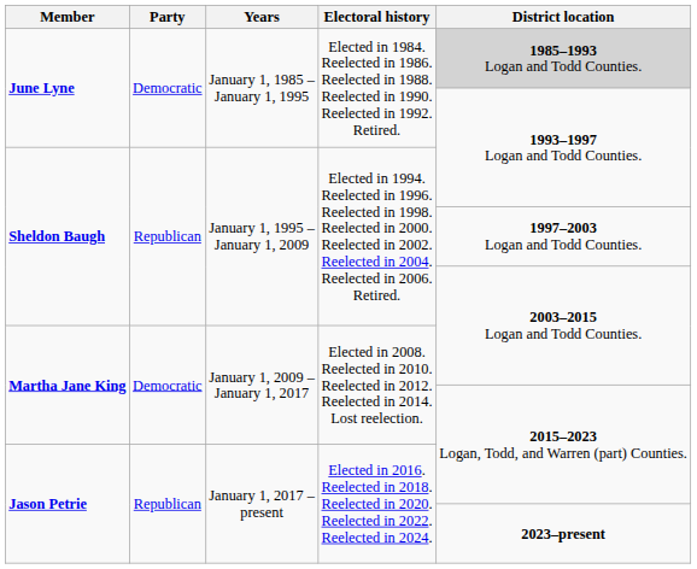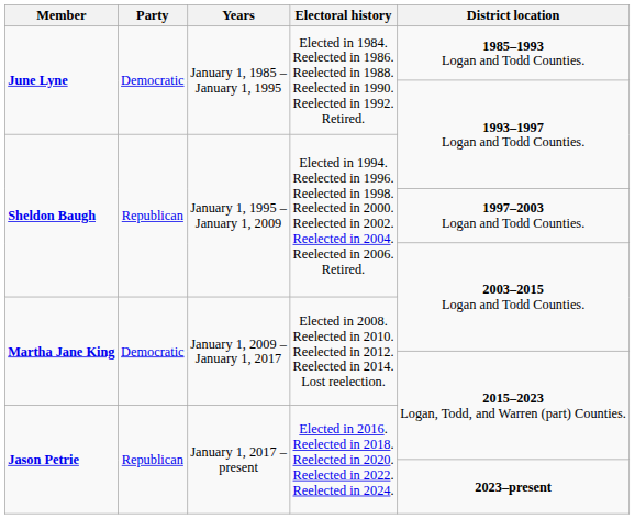 <table class=wikitable style="text-align:center">
 <tr>
 <th>Member</th>
 <th>Party</th>
 <th>Years</th>
 <th>Electoral history</th>
 <th>District location</th>
 </tr>
 <tr style="height:4em">
 <td rowspan=2 align=left><strong><a href='#'>June Lyne</a></strong><br></td>
 <td rowspan=2 ><a href='#'>Democratic</a></td>
 <td rowspan=2 nowrap>January 1, 1985 –<br>January 1, 1995</td>
 <td rowspan=2>Elected in 1984.<br>Reelected in 1986.<br>Reelected in 1988.<br>Reelected in 1990.<br>Reelected in 1992.<br>Retired.</td>
-<td style="background: lightgrey;"><strong>1985–1993</strong><br>Logan and Todd Counties.</td>
+<td><strong>1985–1993</strong><br>Logan and Todd Counties.</td>
 </tr>
 <tr style="height:4em">
 <td rowspan=2><strong>1993–1997</strong><br>Logan and Todd Counties.</td>
 </tr>
 <tr style="height:4em">
 <td rowspan=3 align=left><strong><a href='#'>Sheldon Baugh</a></strong><br></td>
 <td rowspan=3 ><a href='#'>Republican</a></td>
 <td rowspan=3 nowrap>January 1, 1995 –<br>January 1, 2009</td>
 <td rowspan=3>Elected in 1994.<br>Reelected in 1996.<br>Reelected in 1998.<br>Reelected in 2000.<br>Reelected in 2002.<br><a href='#'>Reelected in 2004</a>.<br>Reelected in 2006.<br>Retired.</td>
 </tr>
 <tr style="height:4em">
 <td><strong>1997–2003</strong><br>Logan and Todd Counties.</td>
 </tr>
 <tr style="height:4em">
 <td rowspan=2><strong>2003–2015</strong><br>Logan and Todd Counties.</td>
 </tr>
 <tr style="height:4em">
 <td rowspan=2 align=left><strong><a href='#'>Martha Jane King</a></strong><br></td>
 <td rowspan=2 ><a href='#'>Democratic</a></td>
 <td rowspan=2 nowrap>January 1, 2009 –<br>January 1, 2017</td>
 <td rowspan=2>Elected in 2008.<br>Reelected in 2010.<br>Reelected in 2012.<br>Reelected in 2014.<br>Lost reelection.</td>
 </tr>
 <tr style="height:4em">
 <td rowspan=2><strong>2015–2023</strong><br>Logan, Todd, and Warren (part) Counties.</td>
 </tr>
 <tr style="height:4em">
 <td rowspan=2 align=left><strong><a href='#'>Jason Petrie</a></strong><br></td>
 <td rowspan=2 ><a href='#'>Republican</a></td>
 <td rowspan=2 nowrap>January 1, 2017 –<br>present</td>
 <td rowspan=2><a href='#'>Elected in 2016</a>.<br><a href='#'>Reelected in 2018</a>.<br><a href='#'>Reelected in 2020</a>.<br><a href='#'>Reelected in 2022</a>.<br><a href='#'>Reelected in 2024</a>.</td>
 </tr>
 <tr style="height:4em">
 <td><strong>2023–present</strong><br></td>
 </tr>
 </table>
